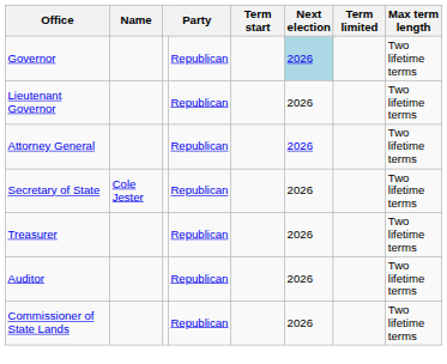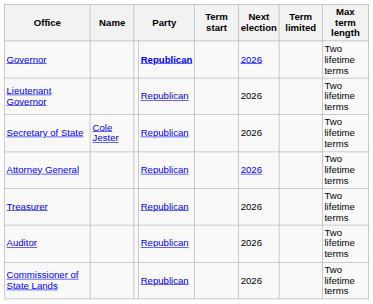 <table class="sortable wikitable">
 <tr>
 <th scope="col" width=190>Office</th>
 <th scope="col" width=100>Name</th>
 <th scope="col" width=75 colspan=2>Party</th>
 <th scope="col" width=110>Term start</th>
 <th scope="col" width=50>Next election</th>
 <th scope="col" width=85>Term limited</th>
 <th scope="col" width=100>Max term length</th>
 </tr>
 <tr>
 <td><a href='#'>Governor</a></td>
 <td></td>
 <td style="background-color:"></td>
-<td><a href='#'>Republican</a></td>
+<td><strong><a href='#'>Republican</a></strong></td>
 <td></td>
-<td style="background: lightblue;"><a href='#'>2026</a></td>
+<td><a href='#'>2026</a></td>
 <td></td>
 <td>Two lifetime terms</td>
 </tr>
 <tr>
 <td><a href='#'>Lieutenant Governor</a></td>
 <td></td>
 <td style="background-color:"></td>
 <td><a href='#'>Republican</a></td>
 <td></td>
 <td>2026</td>
 <td></td>
 <td>Two lifetime terms</td>
 </tr>
 <tr>
+<td><a href='#'>Secretary of State</a></td>
+<td><a href='#'>Cole Jester</a></td>
+<td style="background-color:"></td>
+<td><a href='#'>Republican</a></td>
+<td></td>
+<td>2026</td>
+<td></td>
+<td>Two lifetime terms</td>
+</tr>
+<tr>
 <td><a href='#'>Attorney General</a></td>
 <td></td>
 <td style="background-color:"></td>
 <td><a href='#'>Republican</a></td>
 <td></td>
 <td><a href='#'>2026</a></td>
-<td></td>
-<td>Two lifetime terms</td>
-</tr>
-<tr>
-<td><a href='#'>Secretary of State</a></td>
-<td><a href='#'>Cole Jester</a></td>
-<td style="background-color:"></td>
-<td><a href='#'>Republican</a></td>
-<td></td>
-<td>2026</td>
 <td></td>
 <td>Two lifetime terms</td>
 </tr>
 <tr>
 <td><a href='#'>Treasurer</a></td>
 <td></td>
 <td style="background-color:"></td>
 <td><a href='#'>Republican</a></td>
 <td></td>
 <td>2026</td>
 <td></td>
 <td>Two lifetime terms</td>
 </tr>
 <tr>
 <td><a href='#'>Auditor</a></td>
 <td></td>
 <td style="background-color:"></td>
 <td><a href='#'>Republican</a></td>
 <td></td>
 <td>2026</td>
 <td></td>
 <td>Two lifetime terms</td>
 </tr>
 <tr>
 <td><a href='#'>Commissioner of State Lands</a></td>
 <td></td>
 <td style="background-color:"></td>
 <td><a href='#'>Republican</a></td>
 <td></td>
 <td>2026</td>
 <td></td>
 <td>Two lifetime terms</td>
 </tr>
 </table>
